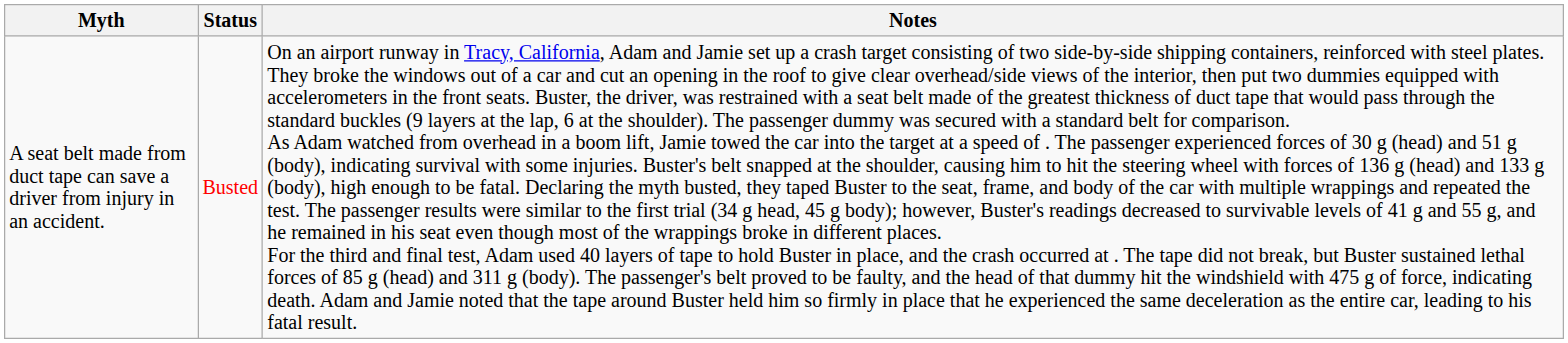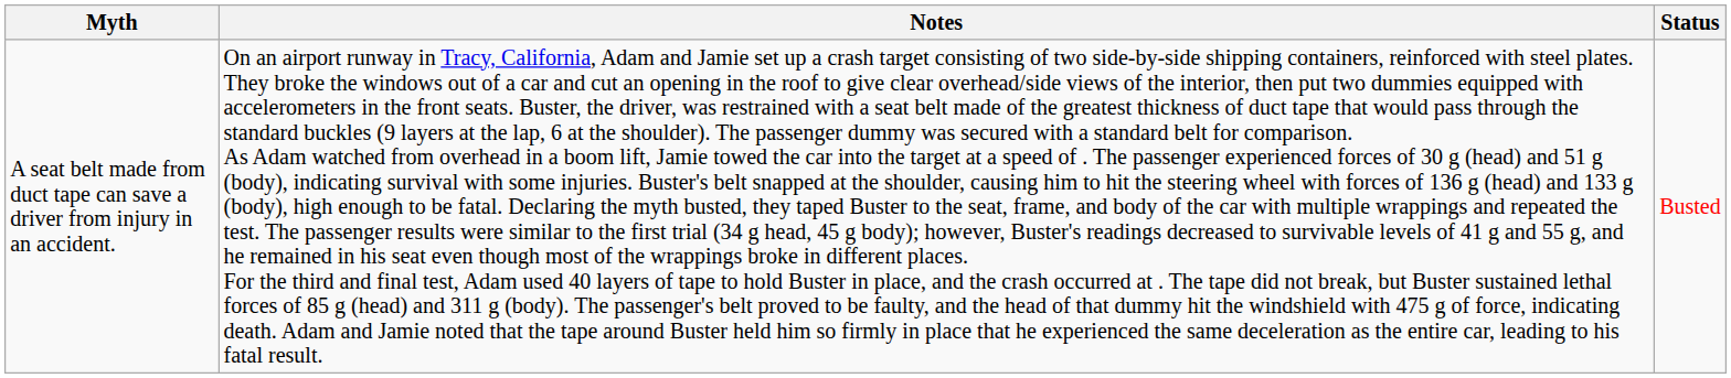 <table class="wikitable plainrowheaders">
 <tr>
 <th scope"col">Myth</th>
+<th scope"col">Notes</th>
 <th scope"col">Status</th>
-<th scope"col">Notes</th>
 </tr>
 <tr>
 <td scope"row">A seat belt made from duct tape can save a driver from injury in an accident.</td>
+<td>On an airport runway in <a href='#'>Tracy, California</a>, Adam and Jamie set up a crash target consisting of two side-by-side shipping containers, reinforced with steel plates. They broke the windows out of a car and cut an opening in the roof to give clear overhead/side views of the interior, then put two dummies equipped with accelerometers in the front seats. Buster, the driver, was restrained with a seat belt made of the greatest thickness of duct tape that would pass through the standard buckles (9 layers at the lap, 6 at the shoulder). The passenger dummy was secured with a standard belt for comparison.<br>As Adam watched from overhead in a boom lift, Jamie towed the car into the target at a speed of . The passenger experienced forces of 30 g (head) and 51 g (body), indicating survival with some injuries. Buster's belt snapped at the shoulder, causing him to hit the steering wheel with forces of 136 g (head) and 133 g (body), high enough to be fatal. Declaring the myth busted, they taped Buster to the seat, frame, and body of the car with multiple wrappings and repeated the test. The passenger results were similar to the first trial (34 g head, 45 g body); however, Buster's readings decreased to survivable levels of 41 g and 55 g, and he remained in his seat even though most of the wrappings broke in different places.<br>For the third and final test, Adam used 40 layers of tape to hold Buster in place, and the crash occurred at . The tape did not break, but Buster sustained lethal forces of 85 g (head) and 311 g (body). The passenger's belt proved to be faulty, and the head of that dummy hit the windshield with 475 g of force, indicating death. Adam and Jamie noted that the tape around Buster held him so firmly in place that he experienced the same deceleration as the entire car, leading to his fatal result.</td>
 <td style="color:red">Busted</td>
-<td>On an airport runway in <a href='#'>Tracy, California</a>, Adam and Jamie set up a crash target consisting of two side-by-side shipping containers, reinforced with steel plates. They broke the windows out of a car and cut an opening in the roof to give clear overhead/side views of the interior, then put two dummies equipped with accelerometers in the front seats. Buster, the driver, was restrained with a seat belt made of the greatest thickness of duct tape that would pass through the standard buckles (9 layers at the lap, 6 at the shoulder). The passenger dummy was secured with a standard belt for comparison.<br>As Adam watched from overhead in a boom lift, Jamie towed the car into the target at a speed of . The passenger experienced forces of 30 g (head) and 51 g (body), indicating survival with some injuries. Buster's belt snapped at the shoulder, causing him to hit the steering wheel with forces of 136 g (head) and 133 g (body), high enough to be fatal. Declaring the myth busted, they taped Buster to the seat, frame, and body of the car with multiple wrappings and repeated the test. The passenger results were similar to the first trial (34 g head, 45 g body); however, Buster's readings decreased to survivable levels of 41 g and 55 g, and he remained in his seat even though most of the wrappings broke in different places.<br>For the third and final test, Adam used 40 layers of tape to hold Buster in place, and the crash occurred at . The tape did not break, but Buster sustained lethal forces of 85 g (head) and 311 g (body). The passenger's belt proved to be faulty, and the head of that dummy hit the windshield with 475 g of force, indicating death. Adam and Jamie noted that the tape around Buster held him so firmly in place that he experienced the same deceleration as the entire car, leading to his fatal result.</td>
 </tr>
 </table>
